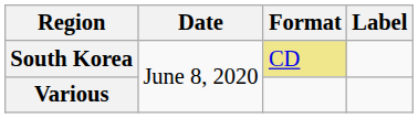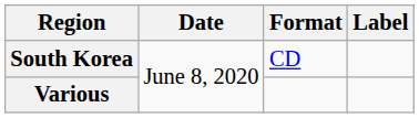 <table class="wikitable plainrowheaders">
 <tr>
 <th scope="col">Region</th>
 <th scope="col">Date</th>
 <th scope="col">Format</th>
 <th scope="col">Label</th>
 </tr>
 <tr>
 <th scope="row">South Korea</th>
 <td rowspan="2">June 8, 2020</td>
-<td style="background: khaki;"><a href='#'>CD</a></td>
+<td><a href='#'>CD</a></td>
 <td></td>
 </tr>
 <tr>
 <th scope="row">Various </th>
 <td></td>
 <td></td>
 </tr>
 </table>
